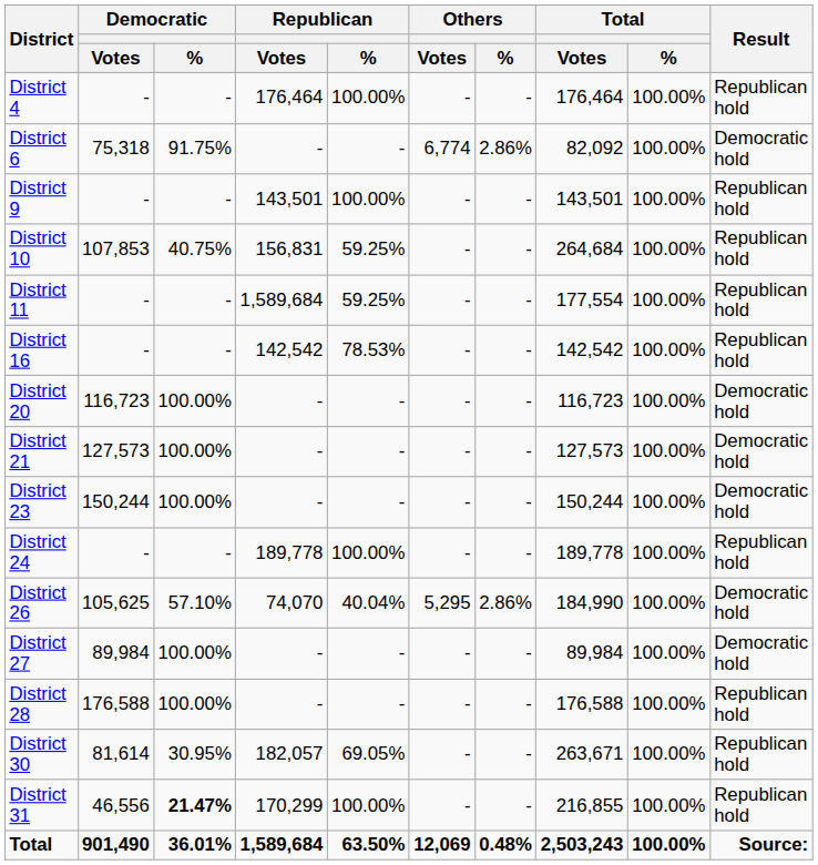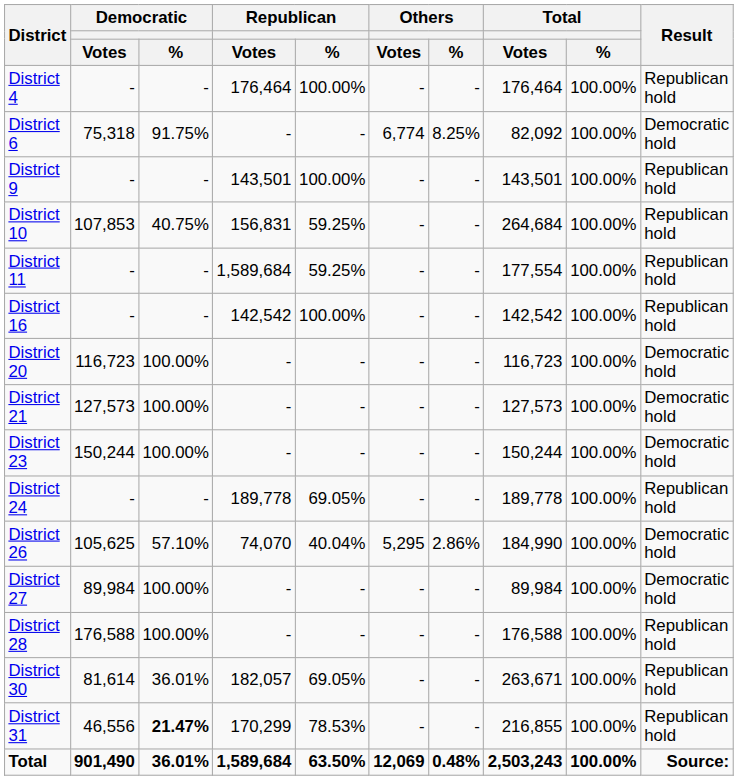 <table class="wikitable plainrowheaders sortable" style="font-size:100%; text-align:right;">
 <tr>
 <th rowspan="3">District</th>
 <th colspan="2">Democratic</th>
 <th colspan="2">Republican</th>
 <th colspan="2">Others</th>
 <th colspan="2">Total</th>
 <th rowspan="3">Result</th>
 </tr>
 <tr>
 <th colspan="2" style="background:"></th>
 <th colspan="2" style="background:"></th>
 <th colspan="2"></th>
 <th colspan="2"></th>
 </tr>
 <tr>
 <th scope="col" data-sort-type="number">Votes</th>
 <th scope="col" data-sort-type="number">%</th>
 <th scope="col" data-sort-type="number">Votes</th>
 <th scope="col" data-sort-type="number">%</th>
 <th scope="col" data-sort-type="number">Votes</th>
 <th scope="col" data-sort-type="number">%</th>
 <th scope="col" data-sort-type="number">Votes</th>
 <th scope="col" data-sort-type="number">%</th>
 </tr>
 <tr>
 <td align="left"><a href='#'>District 4</a></td>
 <td>-</td>
 <td>-</td>
 <td>176,464</td>
 <td>100.00%</td>
 <td>-</td>
 <td>-</td>
 <td>176,464</td>
 <td>100.00%</td>
 <td align="left">Republican hold</td>
 </tr>
 <tr>
 <td align="left"><a href='#'>District 6</a></td>
 <td>75,318</td>
 <td>91.75%</td>
 <td>-</td>
 <td>-</td>
 <td>6,774</td>
-<td>2.86%</td>
+<td>8.25%</td>
 <td>82,092</td>
 <td>100.00%</td>
 <td align="left">Democratic hold</td>
 </tr>
 <tr>
 <td align="left"><a href='#'>District 9</a></td>
 <td>-</td>
 <td>-</td>
 <td>143,501</td>
 <td>100.00%</td>
 <td>-</td>
 <td>-</td>
 <td>143,501</td>
 <td>100.00%</td>
 <td align="left">Republican hold</td>
 </tr>
 <tr>
 <td align="left"><a href='#'>District 10</a></td>
 <td>107,853</td>
 <td>40.75%</td>
 <td>156,831</td>
 <td>59.25%</td>
 <td>-</td>
 <td>-</td>
 <td>264,684</td>
 <td>100.00%</td>
 <td align="left">Republican hold</td>
 </tr>
 <tr>
 <td align="left"><a href='#'>District 11</a></td>
 <td>-</td>
 <td>-</td>
 <td>1,589,684</td>
 <td>59.25%</td>
 <td>-</td>
 <td>-</td>
 <td>177,554</td>
 <td>100.00%</td>
 <td align="left">Republican hold</td>
 </tr>
 <tr>
 <td align="left"><a href='#'>District 16</a></td>
 <td>-</td>
 <td>-</td>
 <td>142,542</td>
-<td>78.53%</td>
+<td>100.00%</td>
 <td>-</td>
 <td>-</td>
 <td>142,542</td>
 <td>100.00%</td>
 <td align="left">Republican hold</td>
 </tr>
 <tr>
 <td align="left"><a href='#'>District 20</a></td>
 <td>116,723</td>
 <td>100.00%</td>
 <td>-</td>
 <td>-</td>
 <td>-</td>
 <td>-</td>
 <td>116,723</td>
 <td>100.00%</td>
 <td align="left">Democratic hold</td>
 </tr>
 <tr>
 <td align="left"><a href='#'>District 21</a></td>
 <td>127,573</td>
 <td>100.00%</td>
 <td>-</td>
 <td>-</td>
 <td>-</td>
 <td>-</td>
 <td>127,573</td>
 <td>100.00%</td>
 <td align="left">Democratic hold</td>
 </tr>
 <tr>
 <td align="left"><a href='#'>District 23</a></td>
 <td>150,244</td>
 <td>100.00%</td>
 <td>-</td>
 <td>-</td>
 <td>-</td>
 <td>-</td>
 <td>150,244</td>
 <td>100.00%</td>
 <td align="left">Democratic hold</td>
 </tr>
 <tr>
 <td align="left"><a href='#'>District 24</a></td>
 <td>-</td>
 <td>-</td>
 <td>189,778</td>
-<td>100.00%</td>
+<td>69.05%</td>
 <td>-</td>
 <td>-</td>
 <td>189,778</td>
 <td>100.00%</td>
 <td align="left">Republican hold</td>
 </tr>
 <tr>
 <td align="left"><a href='#'>District 26</a></td>
 <td>105,625</td>
 <td>57.10%</td>
 <td>74,070</td>
 <td>40.04%</td>
 <td>5,295</td>
 <td>2.86%</td>
 <td>184,990</td>
 <td>100.00%</td>
 <td align="left">Democratic hold</td>
 </tr>
 <tr>
 <td align="left"><a href='#'>District 27</a></td>
 <td>89,984</td>
 <td>100.00%</td>
 <td>-</td>
 <td>-</td>
 <td>-</td>
 <td>-</td>
 <td>89,984</td>
 <td>100.00%</td>
 <td align="left">Democratic hold</td>
 </tr>
 <tr>
 <td align="left"><a href='#'>District 28</a></td>
 <td>176,588</td>
 <td>100.00%</td>
 <td>-</td>
 <td>-</td>
 <td>-</td>
 <td>-</td>
 <td>176,588</td>
 <td>100.00%</td>
 <td align="left">Republican hold</td>
 </tr>
 <tr>
 <td align="left"><a href='#'>District 30</a></td>
 <td>81,614</td>
-<td>30.95%</td>
+<td>36.01%</td>
 <td>182,057</td>
 <td>69.05%</td>
 <td>-</td>
 <td>-</td>
 <td>263,671</td>
 <td>100.00%</td>
 <td align="left">Republican hold</td>
 </tr>
 <tr>
 <td align="left"><a href='#'>District 31</a></td>
 <td>46,556</td>
 <td><strong>21.47%</strong></td>
 <td>170,299</td>
-<td>100.00%</td>
+<td>78.53%</td>
 <td>-</td>
 <td>-</td>
 <td>216,855</td>
 <td>100.00%</td>
 <td align="left">Republican hold</td>
 </tr>
 <tr class="sortbottom" style="font-weight:bold">
 <td align="left">Total</td>
 <td>901,490</td>
 <td>36.01%</td>
 <td>1,589,684</td>
 <td>63.50%</td>
 <td>12,069</td>
 <td>0.48%</td>
 <td>2,503,243</td>
 <td>100.00%</td>
 <td>Source:</td>
 </tr>
 </table>
